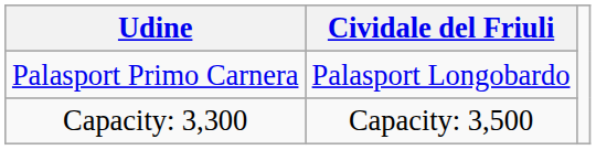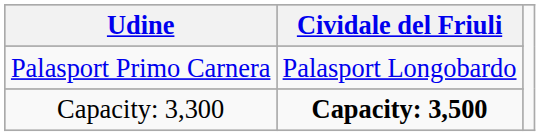 <table class="wikitable" style="text-align:center;">
 <tr>
 <th><a href='#'>Udine</a></th>
 <th><a href='#'>Cividale del Friuli</a></th>
 <td rowspan="4"><br></td>
 </tr>
 <tr>
 <td><a href='#'>Palasport Primo Carnera</a></td>
 <td><a href='#'>Palasport Longobardo</a></td>
 </tr>
 <tr>
 <td>Capacity: 3,300</td>
-<td>Capacity: 3,500</td>
+<td><strong>Capacity: 3,500</strong></td>
 </tr>
 </table>
